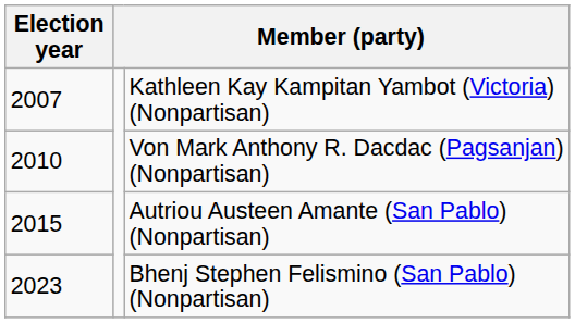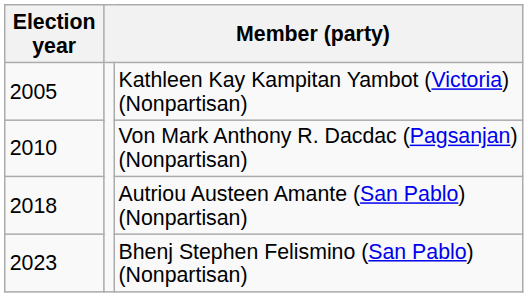 <table class="wikitable" style="font-size:90%">
 <tr>
 <th width="60px">Election<br>year</th>
 <th colspan="2" width="140px">Member (party)</th>
 </tr>
 <tr>
-<td>2007</td>
+<td>2005</td>
 <td rowspan="4"></td>
 <td>Kathleen Kay Kampitan Yambot (<a href='#'>Victoria</a>)<br>(Nonpartisan)</td>
 </tr>
 <tr>
 <td>2010</td>
 <td>Von Mark Anthony R. Dacdac (<a href='#'>Pagsanjan</a>)<br>(Nonpartisan)</td>
 </tr>
 <tr>
-<td>2015</td>
+<td>2018</td>
 <td>Autriou Austeen Amante (<a href='#'>San Pablo</a>)<br>(Nonpartisan)</td>
 </tr>
 <tr>
 <td>2023</td>
 <td>Bhenj Stephen Felismino (<a href='#'>San Pablo</a>)<br>(Nonpartisan)</td>
 </tr>
 </table>
